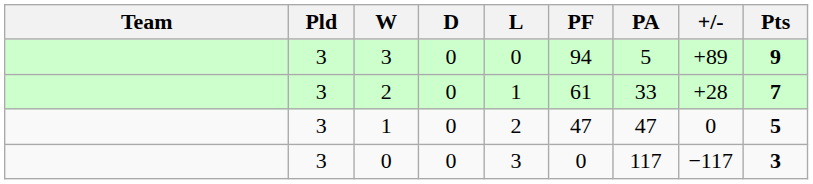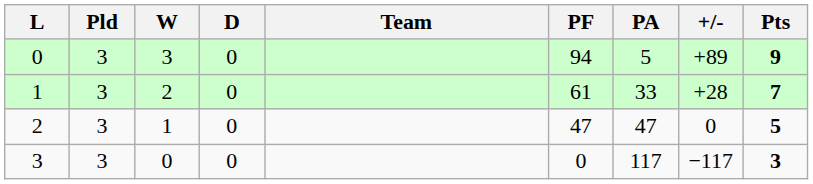 <table class="wikitable" style="text-align: center;">
 <tr>
-<th width="200">Team</th>
+<th width="40">L</th>
 <th width="40">Pld</th>
 <th width="40">W</th>
 <th width="40">D</th>
-<th width="40">L</th>
+<th width="200">Team</th>
 <th width="40">PF</th>
 <th width="40">PA</th>
 <th width="40">+/-</th>
 <th width="40">Pts</th>
 </tr>
 <tr bgcolor=ccffcc>
-<td align=left></td>
+<td>0</td>
 <td>3</td>
 <td>3</td>
 <td>0</td>
-<td>0</td>
+<td align=left></td>
 <td>94</td>
 <td>5</td>
 <td>+89</td>
 <td><strong>9</strong></td>
 </tr>
 <tr bgcolor=ccffcc>
-<td align=left></td>
+<td>1</td>
 <td>3</td>
 <td>2</td>
 <td>0</td>
-<td>1</td>
+<td align=left></td>
 <td>61</td>
 <td>33</td>
 <td>+28</td>
 <td><strong>7</strong></td>
 </tr>
 <tr>
-<td align=left></td>
+<td>2</td>
 <td>3</td>
 <td>1</td>
 <td>0</td>
-<td>2</td>
+<td align=left></td>
 <td>47</td>
 <td>47</td>
 <td>0</td>
 <td><strong>5</strong></td>
 </tr>
 <tr>
-<td align=left></td>
+<td>3</td>
 <td>3</td>
 <td>0</td>
 <td>0</td>
-<td>3</td>
+<td align=left></td>
 <td>0</td>
 <td>117</td>
 <td>−117</td>
 <td><strong>3</strong></td>
 </tr>
 </table>
